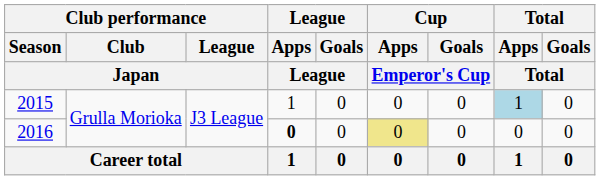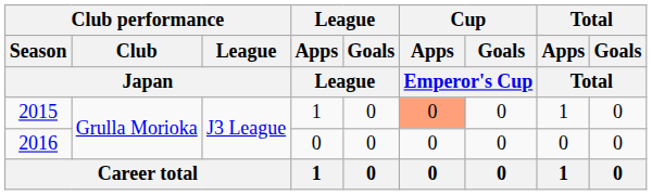 <table class="wikitable" style="text-align:center">
 <tr>
 <th colspan=3>Club performance</th>
 <th colspan=2>League</th>
 <th colspan=2>Cup</th>
 <th colspan=2>Total</th>
 </tr>
 <tr>
 <th>Season</th>
 <th>Club</th>
 <th>League</th>
 <th>Apps</th>
 <th>Goals</th>
 <th>Apps</th>
 <th>Goals</th>
 <th>Apps</th>
 <th>Goals</th>
 </tr>
 <tr>
 <th colspan=3>Japan</th>
 <th colspan=2>League</th>
 <th colspan=2><a href='#'>Emperor's Cup</a></th>
 <th colspan=2>Total</th>
 </tr>
 <tr>
 <td><a href='#'>2015</a></td>
 <td rowspan="2"><a href='#'>Grulla Morioka</a></td>
 <td rowspan="2"><a href='#'>J3 League</a></td>
 <td>1</td>
 <td>0</td>
+<td style="background: lightsalmon;">0</td>
 <td>0</td>
-<td>0</td>
-<td style="background: lightblue;">1</td>
+<td>1</td>
 <td>0</td>
 </tr>
 <tr>
 <td><a href='#'>2016</a></td>
-<td><strong>0</strong></td>
 <td>0</td>
-<td style="background: khaki;">0</td>
+<td>0</td>
+<td>0</td>
 <td>0</td>
 <td>0</td>
 <td>0</td>
 </tr>
 <tr>
 <th colspan=3>Career total</th>
 <th>1</th>
 <th>0</th>
 <th>0</th>
 <th>0</th>
 <th>1</th>
 <th>0</th>
 </tr>
 </table>
